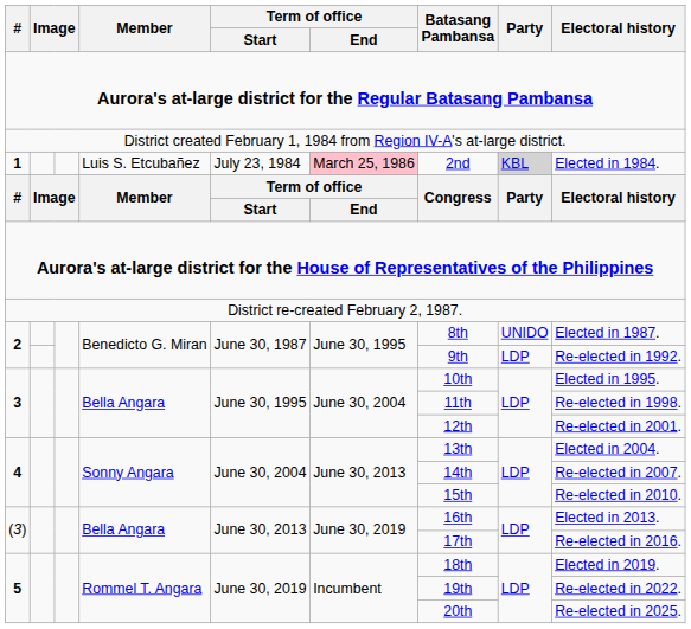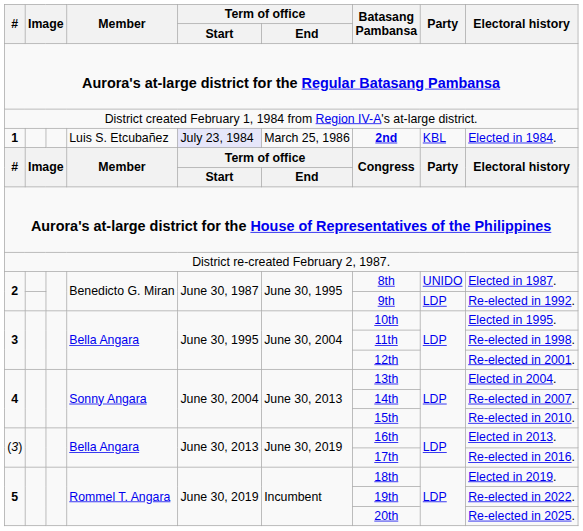 <table class=wikitable>
 <tr>
 <th rowspan="2">#</th>
 <th rowspan="2" colspan=2>Image</th>
 <th rowspan="2">Member</th>
 <th colspan=2>Term of office</th>
 <th rowspan="2">Batasang<br>Pambansa</th>
 <th rowspan="2">Party</th>
 <th rowspan="2">Electoral history</th>
 </tr>
 <tr>
 <th>Start</th>
 <th>End</th>
 </tr>
 <tr>
 <td colspan="9" style="text-align:center;"><br><h3>Aurora's at-large district for the <a href='#'>Regular Batasang Pambansa</a></h3></td>
 </tr>
 <tr>
 <td colspan="9" style="text-align:center;">District created February 1, 1984 from <a href='#'>Region IV-A</a>'s at-large district.</td>
 </tr>
 <tr>
 <td style="text-align:center;"><strong>1</strong></td>
 <td style="color:inherit;background:"></td>
 <td></td>
 <td>Luis S. Etcubañez</td>
-<td>July 23, 1984</td>
-<td style="background: pink;">March 25, 1986</td>
-<td style="text-align:center;"><a href='#'>2nd</a></td>
-<td style="background: lightgrey;"><a href='#'>KBL</a></td>
+<td style="background: lavender;">July 23, 1984</td>
+<td>March 25, 1986</td>
+<td style="text-align:center;"><strong><a href='#'>2nd</a></strong></td>
+<td><a href='#'>KBL</a></td>
 <td><a href='#'>Elected in 1984</a>.</td>
 </tr>
 <tr>
 <th rowspan="2">#</th>
 <th rowspan="2" colspan=2>Image</th>
 <th rowspan="2">Member</th>
 <th colspan=2>Term of office</th>
 <th rowspan="2">Congress</th>
 <th rowspan="2">Party</th>
 <th rowspan="2">Electoral history</th>
 </tr>
 <tr>
 <th>Start</th>
 <th>End</th>
 </tr>
 <tr>
 <td colspan="9" style="text-align:center;"><br><h3>Aurora's at-large district for the <a href='#'>House of Representatives of the Philippines</a></h3></td>
 </tr>
 <tr>
 <td colspan="9" style="text-align:center;">District re-created February 2, 1987.</td>
 </tr>
 <tr>
 <td rowspan="2" style="text-align:center;"><strong>2</strong></td>
 <td style="color:inherit;background:"></td>
 <td rowspan="2"></td>
 <td rowspan="2">Benedicto G. Miran</td>
 <td rowspan="2">June 30, 1987</td>
 <td rowspan="2">June 30, 1995</td>
 <td style="text-align:center;"><a href='#'>8th</a></td>
 <td><a href='#'>UNIDO</a></td>
 <td><a href='#'>Elected in 1987</a>.</td>
 </tr>
 <tr>
 <td style="color:inherit;background:"></td>
 <td style="text-align:center;"><a href='#'>9th</a></td>
 <td><a href='#'>LDP</a></td>
 <td><a href='#'>Re-elected in 1992</a>.</td>
 </tr>
 <tr>
 <td rowspan="3" style="text-align:center;"><strong>3</strong></td>
 <td rowspan="3" style="color:inherit;background:"></td>
 <td rowspan="3"></td>
 <td rowspan="3"><a href='#'>Bella Angara</a></td>
 <td rowspan="3">June 30, 1995</td>
 <td rowspan="3">June 30, 2004</td>
 <td style="text-align:center;"><a href='#'>10th</a></td>
 <td rowspan="3"><a href='#'>LDP</a></td>
 <td><a href='#'>Elected in 1995</a>.</td>
 </tr>
 <tr>
 <td style="text-align:center;"><a href='#'>11th</a></td>
 <td><a href='#'>Re-elected in 1998</a>.</td>
 </tr>
 <tr>
 <td style="text-align:center;"><a href='#'>12th</a></td>
 <td><a href='#'>Re-elected in 2001</a>.</td>
 </tr>
 <tr>
 <td rowspan="3" style="text-align:center;"><strong>4</strong></td>
 <td rowspan="3" style="color:inherit;background:"></td>
 <td rowspan="3"></td>
 <td rowspan="3"><a href='#'>Sonny Angara</a></td>
 <td rowspan="3">June 30, 2004</td>
 <td rowspan="3">June 30, 2013</td>
 <td style="text-align:center;"><a href='#'>13th</a></td>
 <td rowspan="3"><a href='#'>LDP</a></td>
 <td><a href='#'>Elected in 2004</a>.</td>
 </tr>
 <tr>
 <td style="text-align:center;"><a href='#'>14th</a></td>
 <td><a href='#'>Re-elected in 2007</a>.</td>
 </tr>
 <tr>
 <td style="text-align:center;"><a href='#'>15th</a></td>
 <td><a href='#'>Re-elected in 2010</a>.</td>
 </tr>
 <tr>
 <td rowspan="2" style="text-align:center;">(<em>3</em>)</td>
 <td rowspan="2" style="color:inherit;background:"></td>
 <td rowspan="2"></td>
 <td rowspan="2"><a href='#'>Bella Angara</a></td>
 <td rowspan="2">June 30, 2013</td>
 <td rowspan="2">June 30, 2019</td>
 <td style="text-align:center;"><a href='#'>16th</a></td>
 <td rowspan="2"><a href='#'>LDP</a></td>
 <td><a href='#'>Elected in 2013</a>.</td>
 </tr>
 <tr>
 <td style="text-align:center;"><a href='#'>17th</a></td>
 <td><a href='#'>Re-elected in 2016</a>.</td>
 </tr>
 <tr>
 <td rowspan="3" style="text-align:center;"><strong>5</strong></td>
 <td rowspan="3" style="color:inherit;background:"></td>
 <td rowspan="3"></td>
 <td rowspan="3"><a href='#'>Rommel T. Angara</a></td>
 <td rowspan="3">June 30, 2019</td>
 <td rowspan="3">Incumbent</td>
 <td style="text-align:center;"><a href='#'>18th</a></td>
 <td rowspan="3"><a href='#'>LDP</a></td>
 <td><a href='#'>Elected in 2019</a>.</td>
 </tr>
 <tr>
 <td style="text-align:center;"><a href='#'>19th</a></td>
 <td><a href='#'>Re-elected in 2022</a>.</td>
 </tr>
 <tr>
 <td style="text-align:center;"><a href='#'>20th</a></td>
 <td><a href='#'>Re-elected in 2025</a>.</td>
 </tr>
 </table>
